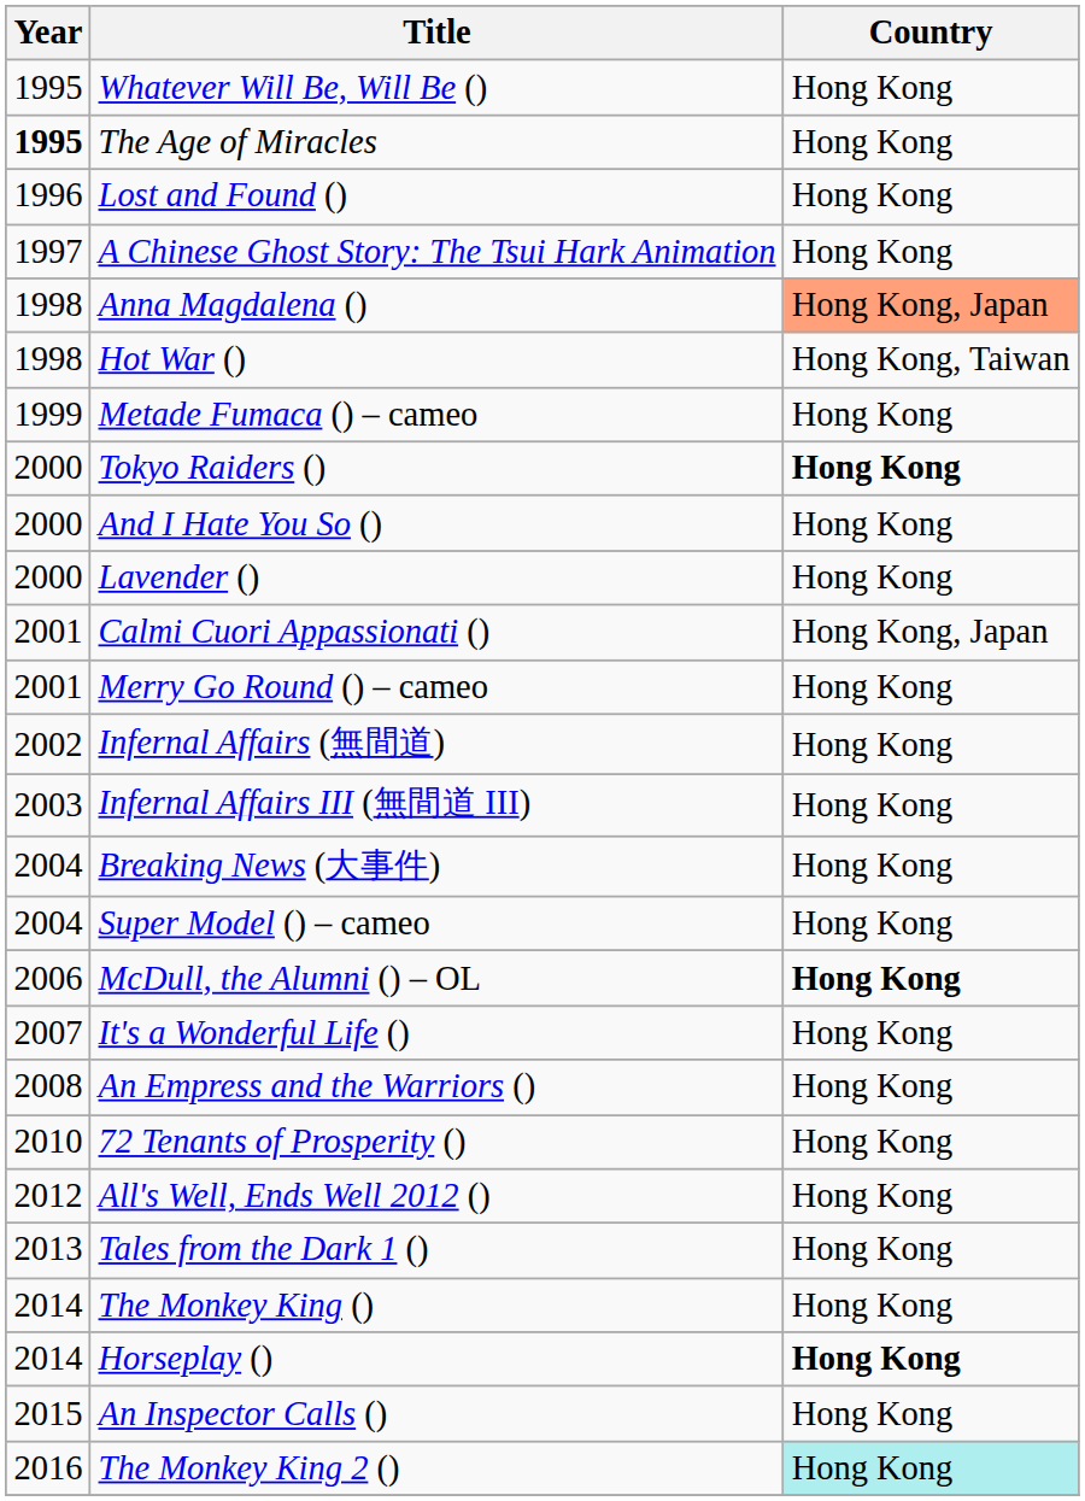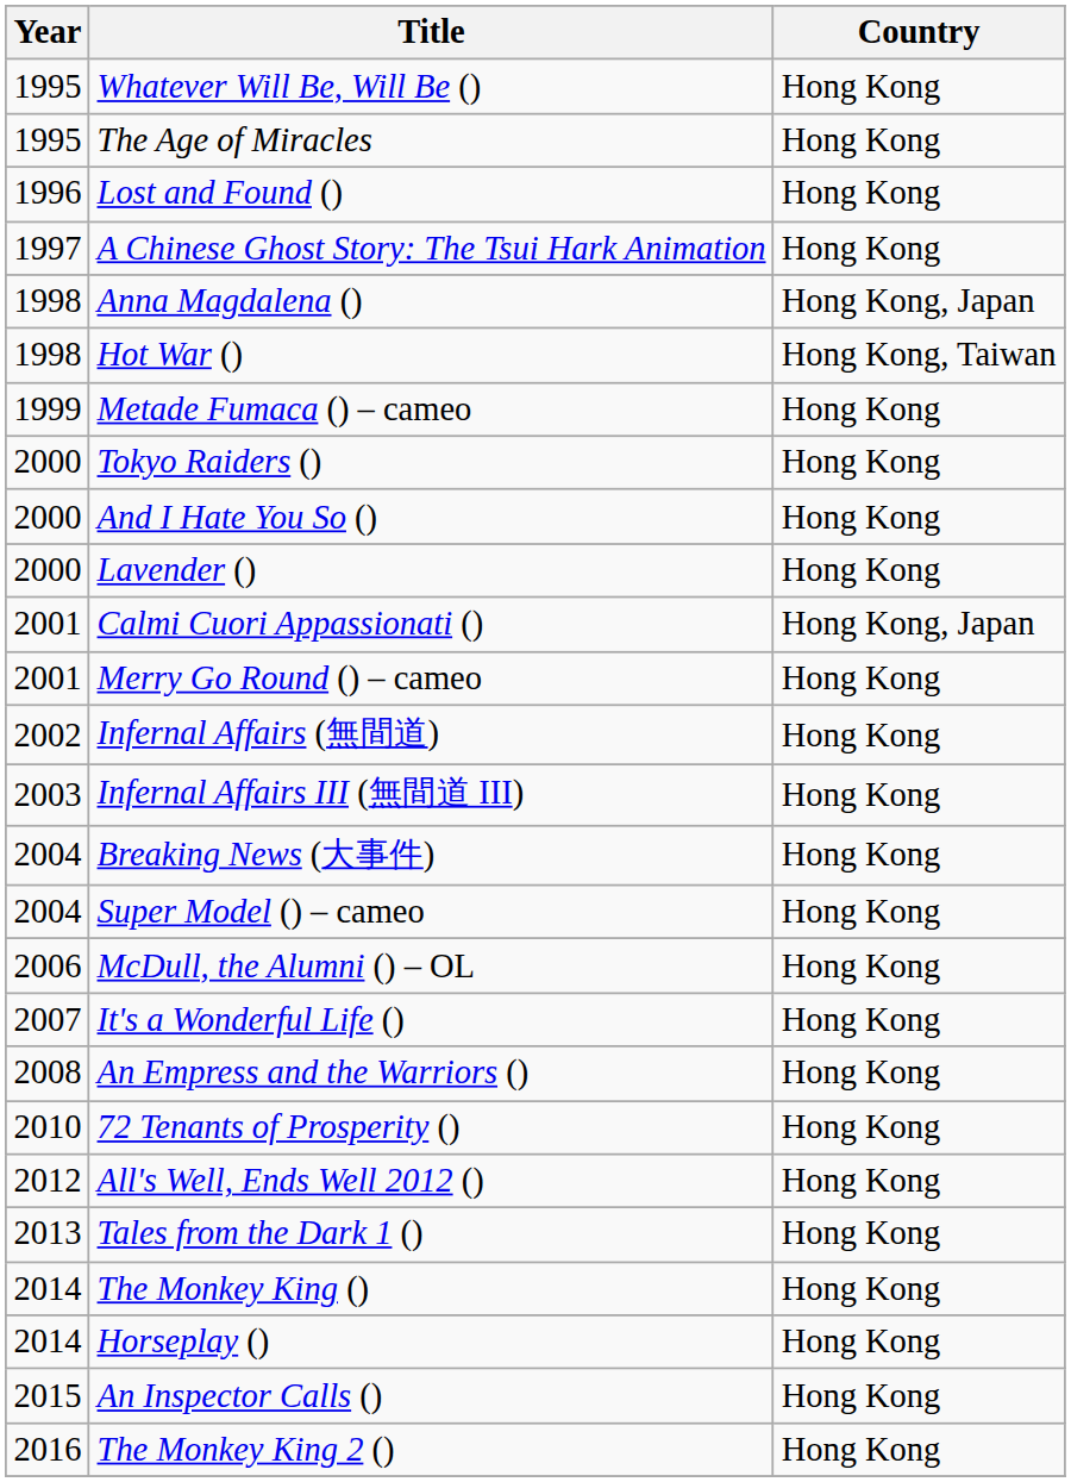 <table class="wikitable">
 <tr>
 <th>Year</th>
 <th>Title</th>
 <th>Country</th>
 </tr>
 <tr>
 <td rowspan=1>1995</td>
 <td><em><a href='#'>Whatever Will Be, Will Be</a></em> ()</td>
 <td>Hong Kong</td>
 </tr>
 <tr>
-<td rowspan=1><strong>1995</strong></td>
+<td rowspan=1>1995</td>
 <td><em>The Age of Miracles</em></td>
 <td>Hong Kong</td>
 </tr>
 <tr>
 <td rowspan=1>1996</td>
 <td><em><a href='#'>Lost and Found</a></em> ()</td>
 <td>Hong Kong</td>
 </tr>
 <tr>
 <td rowspan=1>1997</td>
 <td><em><a href='#'>A Chinese Ghost Story: The Tsui Hark Animation</a></em></td>
 <td>Hong Kong</td>
 </tr>
 <tr>
 <td rowspan=1>1998</td>
 <td><em><a href='#'>Anna Magdalena</a></em> ()</td>
-<td style="background: lightsalmon;">Hong Kong, Japan</td>
+<td>Hong Kong, Japan</td>
 </tr>
 <tr>
 <td rowspan=1>1998</td>
 <td><em><a href='#'>Hot War</a></em> ()</td>
 <td>Hong Kong, Taiwan</td>
 </tr>
 <tr>
 <td rowspan=1>1999</td>
 <td><em><a href='#'>Metade Fumaca</a></em> () – cameo</td>
 <td>Hong Kong</td>
 </tr>
 <tr>
 <td rowspan=1>2000</td>
 <td><em><a href='#'>Tokyo Raiders</a></em> ()</td>
-<td><strong>Hong Kong</strong></td>
+<td>Hong Kong</td>
 </tr>
 <tr>
 <td rowspan=1>2000</td>
 <td><em><a href='#'>And I Hate You So</a></em> ()</td>
 <td>Hong Kong</td>
 </tr>
 <tr>
 <td rowspan=1>2000</td>
 <td><em><a href='#'>Lavender</a></em> ()</td>
 <td>Hong Kong</td>
 </tr>
 <tr>
 <td rowspan=1>2001</td>
 <td><em><a href='#'>Calmi Cuori Appassionati</a></em> ()</td>
 <td>Hong Kong, Japan</td>
 </tr>
 <tr>
 <td rowspan=1>2001</td>
 <td><em><a href='#'>Merry Go Round</a></em> () – cameo</td>
 <td>Hong Kong</td>
 </tr>
 <tr>
 <td rowspan=1>2002</td>
 <td><em><a href='#'>Infernal Affairs</a></em> (<a href='#'>無間道</a>)</td>
 <td>Hong Kong</td>
 </tr>
 <tr>
 <td rowspan=1>2003</td>
 <td><em><a href='#'>Infernal Affairs III</a></em> (<a href='#'>無間道 III</a>)</td>
 <td>Hong Kong</td>
 </tr>
 <tr>
 <td rowspan=1>2004</td>
 <td><em><a href='#'>Breaking News</a></em> (<a href='#'>大事件</a>)</td>
 <td>Hong Kong</td>
 </tr>
 <tr>
 <td rowspan=1>2004</td>
 <td><em><a href='#'>Super Model</a></em> () – cameo</td>
 <td>Hong Kong</td>
 </tr>
 <tr>
 <td rowspan=1>2006</td>
 <td><em><a href='#'>McDull, the Alumni</a></em> () – OL</td>
-<td><strong>Hong Kong</strong></td>
+<td>Hong Kong</td>
 </tr>
 <tr>
 <td rowspan=1>2007</td>
 <td><em><a href='#'>It's a Wonderful Life</a></em> ()</td>
 <td>Hong Kong</td>
 </tr>
 <tr>
 <td rowspan=1>2008</td>
 <td><em><a href='#'>An Empress and the Warriors</a></em> ()</td>
 <td>Hong Kong</td>
 </tr>
 <tr>
 <td rowspan=1>2010</td>
 <td><em><a href='#'>72 Tenants of Prosperity</a></em> ()</td>
 <td>Hong Kong</td>
 </tr>
 <tr>
 <td rowspan=1>2012</td>
 <td><em><a href='#'>All's Well, Ends Well 2012</a></em> ()</td>
 <td>Hong Kong</td>
 </tr>
 <tr>
 <td rowspan=1>2013</td>
 <td><em><a href='#'>Tales from the Dark 1</a></em> ()</td>
 <td>Hong Kong</td>
 </tr>
 <tr>
 <td rowspan=1>2014</td>
 <td><em><a href='#'>The Monkey King</a></em> ()</td>
 <td>Hong Kong</td>
 </tr>
 <tr>
 <td rowspan=1>2014</td>
 <td><em><a href='#'>Horseplay</a></em> ()</td>
-<td><strong>Hong Kong</strong></td>
+<td>Hong Kong</td>
 </tr>
 <tr>
 <td rowspan=1>2015</td>
 <td><em><a href='#'>An Inspector Calls</a></em> ()</td>
 <td>Hong Kong</td>
 </tr>
 <tr>
 <td rowspan=1>2016</td>
 <td><em><a href='#'>The Monkey King 2</a></em> ()</td>
-<td style="background: paleturquoise;">Hong Kong</td>
+<td>Hong Kong</td>
 </tr>
 <tr>
 </tr>
 </table>
